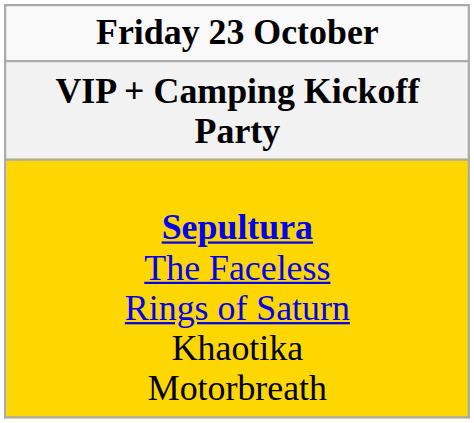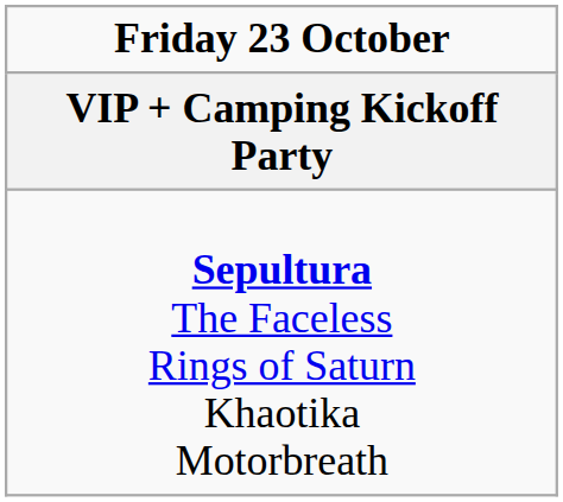 <table class="wikitable">
 <tr>
 <td style="text-align:center;"><strong>Friday 23 October</strong></td>
 </tr>
 <tr>
 <th>VIP + Camping Kickoff Party</th>
 </tr>
 <tr>
-<td style="background: gold; text-align:center; vertical-align:top; width:200px;"><br><strong><a href='#'>Sepultura</a></strong><br> <a href='#'>The Faceless</a><br> <a href='#'>Rings of Saturn</a><br> Khaotika<br> Motorbreath<br></td>
+<td style="text-align:center; vertical-align:top; width:200px;"><br><strong><a href='#'>Sepultura</a></strong><br> <a href='#'>The Faceless</a><br> <a href='#'>Rings of Saturn</a><br> Khaotika<br> Motorbreath<br></td>
 </tr>
 </table>
